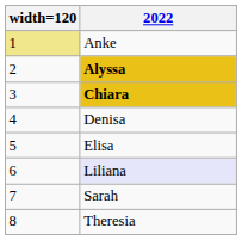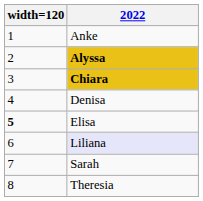 <table class="wikitable" style="font-size: 82%">
 <tr>
 <th>width=120 </th>
 <th ! width=130><a href='#'>2022</a></th>
 </tr>
 <tr>
-<td style="background: khaki;">1</td>
+<td>1</td>
 <td>Anke</td>
 </tr>
 <tr>
 <td>2</td>
 <td bgcolor=#EAC117><strong>Alyssa</strong></td>
 </tr>
 <tr>
 <td>3</td>
 <td bgcolor=#EAC117><strong>Chiara</strong></td>
 </tr>
 <tr>
 <td>4</td>
 <td>Denisa</td>
 </tr>
 <tr>
-<td>5</td>
+<td><strong>5</strong></td>
 <td>Elisa</td>
 </tr>
 <tr>
 <td>6</td>
 <td bgcolor=#E6E6FA>Liliana</td>
 </tr>
 <tr>
 <td>7</td>
 <td>Sarah</td>
 </tr>
 <tr>
 <td>8</td>
 <td>Theresia</td>
 </tr>
 </table>
